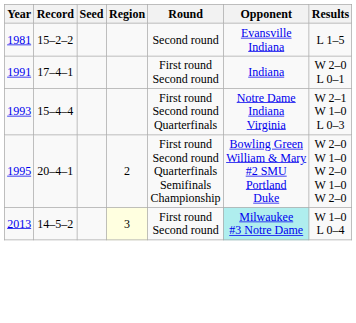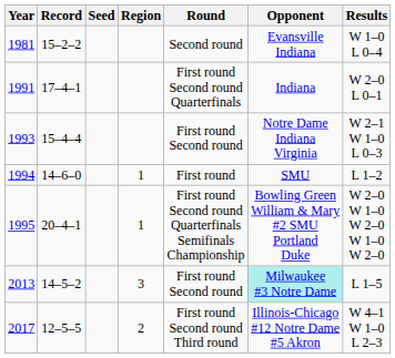 <table class="wikitable"; style= "text-align:center">
 <tr>
 <th width=px>Year</th>
 <th width=px>Record</th>
 <th width=px>Seed</th>
 <th width=px>Region</th>
 <th width=px>Round</th>
 <th width=px>Opponent</th>
 <th width=px>Results</th>
 </tr>
 <tr>
 <td><a href='#'>1981</a></td>
 <td>15–2–2</td>
 <td></td>
 <td></td>
 <td>Second round</td>
 <td><a href='#'>Evansville</a><br><a href='#'>Indiana</a></td>
-<td>L 1–5</td>
+<td>W 1–0<br>L 0–4</td>
 </tr>
 <tr>
 <td><a href='#'>1991</a></td>
 <td>17–4–1</td>
 <td></td>
 <td></td>
-<td>First round<br>Second round</td>
+<td>First round<br>Second round<br>Quarterfinals</td>
 <td><a href='#'>Indiana</a></td>
 <td>W 2–0<br>L 0–1 </td>
 </tr>
 <tr>
 <td><a href='#'>1993</a></td>
 <td>15–4–4</td>
 <td></td>
 <td></td>
-<td>First round<br>Second round<br>Quarterfinals</td>
+<td>First round<br>Second round</td>
 <td><a href='#'>Notre Dame</a><br><a href='#'>Indiana</a><br><a href='#'>Virginia</a></td>
 <td>W 2–1<br>W 1–0<br>L 0–3</td>
+</tr>
+<tr>
+<td><a href='#'>1994</a></td>
+<td>14–6–0</td>
+<td></td>
+<td>1</td>
+<td>First round</td>
+<td><a href='#'>SMU</a></td>
+<td>L 1–2</td>
 </tr>
 <tr>
 <td><a href='#'>1995</a></td>
 <td>20–4–1</td>
 <td></td>
-<td>2</td>
+<td>1</td>
 <td>First round<br>Second round<br>Quarterfinals<br>Semifinals<br>Championship</td>
 <td><a href='#'>Bowling Green</a><br><a href='#'>William & Mary</a><br><a href='#'>#2 SMU</a><br><a href='#'>Portland</a><br><a href='#'>Duke</a></td>
 <td>W 2–0<br>W 1–0<br>W 2–0<br>W 1–0<br>W 2–0</td>
 </tr>
 <tr>
 <td><a href='#'>2013</a></td>
 <td>14–5–2</td>
 <td></td>
-<td style="background: lightyellow;">3</td>
+<td>3</td>
 <td>First round<br>Second round</td>
 <td style="background: paleturquoise;"><a href='#'>Milwaukee</a><br><a href='#'>#3 Notre Dame</a></td>
-<td>W 1–0<br>L 0–4</td>
+<td>L 1–5</td>
+</tr>
+<tr>
+<td><a href='#'>2017</a></td>
+<td>12–5–5</td>
+<td></td>
+<td>2</td>
+<td>First round<br>Second round<br>Third round</td>
+<td><a href='#'>Illinois-Chicago</a><br><a href='#'>#12 Notre Dame</a><br><a href='#'>#5 Akron</a></td>
+<td>W 4–1<br>W 1–0 <br>L 2–3 </td>
 </tr>
 </table>
